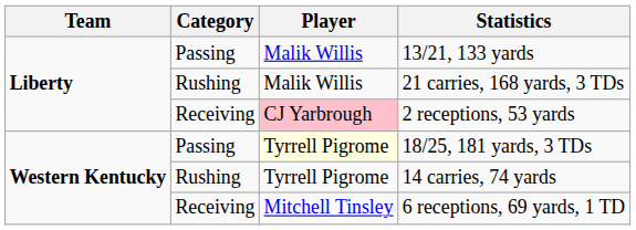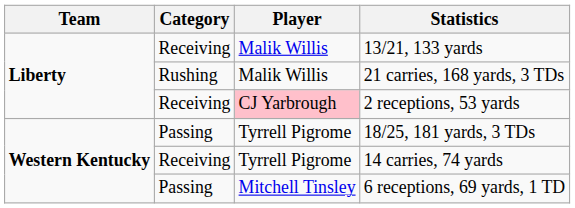 <table class="wikitable" style="float: left;">
 <tr>
 <th>Team</th>
 <th>Category</th>
 <th>Player</th>
 <th>Statistics</th>
 </tr>
 <tr>
 <td rowspan=3><strong>Liberty</strong></td>
-<td>Passing</td>
+<td>Receiving</td>
 <td><a href='#'>Malik Willis</a></td>
 <td>13/21, 133 yards</td>
 </tr>
 <tr>
 <td>Rushing</td>
 <td>Malik Willis</td>
 <td>21 carries, 168 yards, 3 TDs</td>
 </tr>
 <tr>
 <td>Receiving</td>
 <td style="background: pink;">CJ Yarbrough</td>
 <td>2 receptions, 53 yards</td>
 </tr>
 <tr>
 <td rowspan=3><strong>Western Kentucky</strong></td>
 <td>Passing</td>
-<td style="background: lightyellow;">Tyrrell Pigrome</td>
+<td>Tyrrell Pigrome</td>
 <td>18/25, 181 yards, 3 TDs</td>
 </tr>
 <tr>
-<td>Rushing</td>
+<td>Receiving</td>
 <td>Tyrrell Pigrome</td>
 <td>14 carries, 74 yards</td>
 </tr>
 <tr>
-<td>Receiving</td>
+<td>Passing</td>
 <td><a href='#'>Mitchell Tinsley</a></td>
 <td>6 receptions, 69 yards, 1 TD</td>
 </tr>
 </table>
